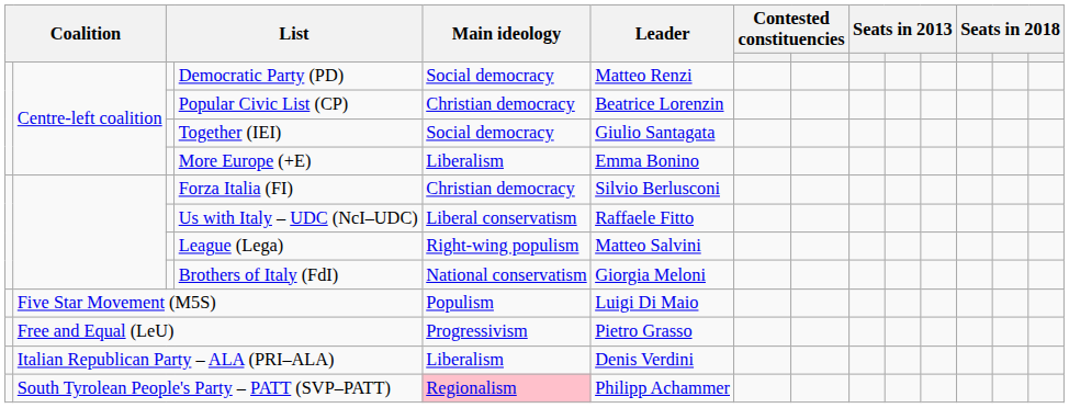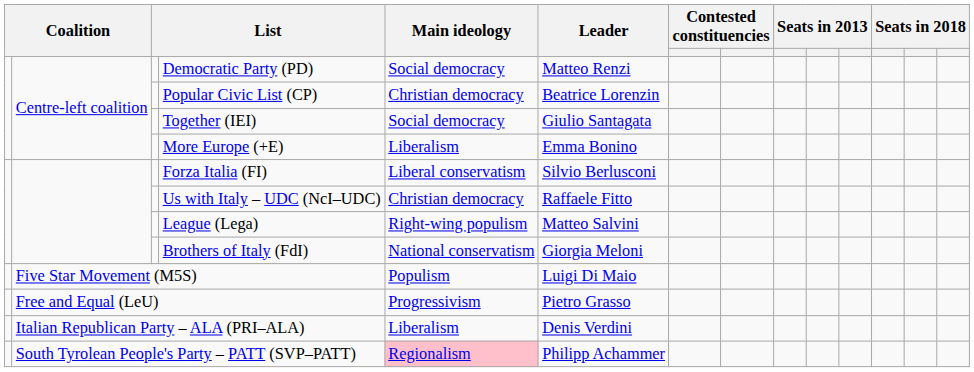 <table class=wikitable style="text-align:left">
 <tr>
 <th colspan="2" rowspan="2">Coalition</th>
 <th colspan="2" rowspan="2">List</th>
 <th rowspan="2">Main ideology</th>
 <th rowspan="2">Leader</th>
 <th colspan="2">Contested<br>constituencies</th>
 <th colspan="3">Seats in 2013</th>
 <th colspan="3">Seats in 2018</th>
 </tr>
 <tr>
 <th></th>
 <th></th>
 <th></th>
 <th></th>
 <th></th>
 <th></th>
 <th></th>
 <th></th>
 </tr>
 <tr>
 <td rowspan="4" style="background:"></td>
 <td rowspan="4" align=center><a href='#'>Centre-left coalition</a></td>
 <td style="background:"></td>
 <td><a href='#'>Democratic Party</a> (PD)</td>
 <td><a href='#'>Social democracy</a></td>
 <td><a href='#'>Matteo Renzi</a></td>
 <td></td>
 <td></td>
 <td></td>
 <td></td>
 <td></td>
 <td></td>
 <td></td>
 <td></td>
 </tr>
 <tr>
 <td style="background:"></td>
 <td><a href='#'>Popular Civic List</a> (CP)</td>
 <td><a href='#'>Christian democracy</a></td>
 <td><a href='#'>Beatrice Lorenzin</a></td>
 <td></td>
 <td></td>
 <td></td>
 <td></td>
 <td></td>
 <td></td>
 <td></td>
 <td></td>
 </tr>
 <tr>
 <td style="background:"></td>
 <td><a href='#'>Together</a> (IEI)</td>
 <td><a href='#'>Social democracy</a></td>
 <td><a href='#'>Giulio Santagata</a></td>
 <td></td>
 <td></td>
 <td></td>
 <td></td>
 <td></td>
 <td></td>
 <td></td>
 <td></td>
 </tr>
 <tr>
 <td style="background:"></td>
 <td><a href='#'>More Europe</a> (+E)</td>
 <td><a href='#'>Liberalism</a></td>
 <td><a href='#'>Emma Bonino</a></td>
 <td></td>
 <td></td>
 <td></td>
 <td></td>
 <td></td>
 <td></td>
 <td></td>
 <td></td>
 </tr>
 <tr>
 <td rowspan="4" style="background:"></td>
 <td rowspan="4" align=center></td>
 <td style="background:"></td>
 <td><a href='#'>Forza Italia</a> (FI)</td>
-<td><a href='#'>Christian democracy</a></td>
+<td><a href='#'>Liberal conservatism</a></td>
 <td><a href='#'>Silvio Berlusconi</a></td>
 <td></td>
 <td></td>
 <td></td>
 <td></td>
 <td></td>
 <td></td>
 <td></td>
 <td></td>
 </tr>
 <tr>
 <td style="background:"></td>
 <td><a href='#'>Us with Italy</a> – <a href='#'>UDC</a> (NcI–UDC)</td>
-<td><a href='#'>Liberal conservatism</a></td>
+<td><a href='#'>Christian democracy</a></td>
 <td><a href='#'>Raffaele Fitto</a></td>
 <td></td>
 <td></td>
 <td></td>
 <td></td>
 <td></td>
 <td></td>
 <td></td>
 <td></td>
 </tr>
 <tr>
 <td style="background:"></td>
 <td><a href='#'>League</a> (Lega)</td>
 <td><a href='#'>Right-wing populism</a></td>
 <td><a href='#'>Matteo Salvini</a></td>
 <td></td>
 <td></td>
 <td></td>
 <td></td>
 <td></td>
 <td></td>
 <td></td>
 <td></td>
 </tr>
 <tr>
 <td style="background:"></td>
 <td><a href='#'>Brothers of Italy</a> (FdI)</td>
 <td><a href='#'>National conservatism</a></td>
 <td><a href='#'>Giorgia Meloni</a></td>
 <td></td>
 <td></td>
 <td></td>
 <td></td>
 <td></td>
 <td></td>
 <td></td>
 <td></td>
 </tr>
 <tr>
 <td style="background:"></td>
 <td colspan="3"><a href='#'>Five Star Movement</a> (M5S)</td>
 <td><a href='#'>Populism</a></td>
 <td><a href='#'>Luigi Di Maio</a></td>
 <td></td>
 <td></td>
 <td></td>
 <td></td>
 <td></td>
 <td></td>
 <td></td>
 <td></td>
 </tr>
 <tr>
 <td style="background:"></td>
 <td colspan="3"><a href='#'>Free and Equal</a> (LeU)</td>
 <td><a href='#'>Progressivism</a></td>
 <td><a href='#'>Pietro Grasso</a></td>
 <td></td>
 <td></td>
 <td></td>
 <td></td>
 <td></td>
 <td></td>
 <td></td>
 <td></td>
 </tr>
 <tr>
 <td style="background:"></td>
 <td colspan="3"><a href='#'>Italian Republican Party</a> – <a href='#'>ALA</a> (PRI–ALA)</td>
 <td><a href='#'>Liberalism</a></td>
 <td><a href='#'>Denis Verdini</a></td>
 <td></td>
 <td></td>
 <td></td>
 <td></td>
 <td></td>
 <td></td>
 <td></td>
 <td></td>
 </tr>
 <tr>
 <td style="background:"></td>
 <td colspan="3"><a href='#'>South Tyrolean People's Party</a> –  <a href='#'>PATT</a> (SVP–PATT)</td>
 <td style="background: pink;"><a href='#'>Regionalism</a></td>
 <td><a href='#'>Philipp Achammer</a></td>
 <td></td>
 <td></td>
 <td></td>
 <td></td>
 <td></td>
 <td></td>
 <td></td>
 <td></td>
 </tr>
 </table>
